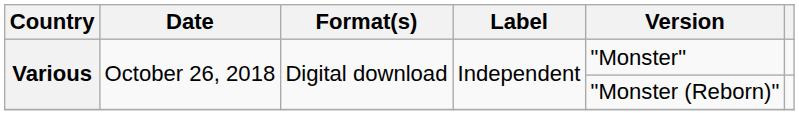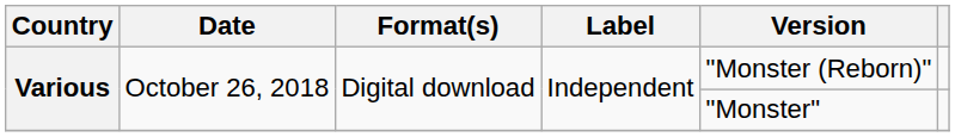 <table class="wikitable plainrowheaders">
 <tr>
 <th scope="col">Country</th>
 <th scope="col">Date</th>
 <th scope="col">Format(s)</th>
 <th scope="col">Label</th>
 <th scope="col">Version</th>
 <th scope="col"></th>
 </tr>
 <tr>
 <th scope="row" rowspan="2">Various</th>
 <td rowspan="2">October 26, 2018</td>
 <td rowspan="2">Digital download</td>
 <td rowspan="2">Independent</td>
-<td>"Monster"</td>
+<td>"Monster (Reborn)"</td>
 <td></td>
 </tr>
 <tr>
-<td>"Monster (Reborn)"</td>
+<td>"Monster"</td>
 <td></td>
 </tr>
 <tr>
 </tr>
 </table>
